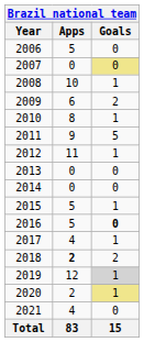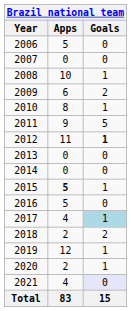 <table class="wikitable" style="text-align:center">
 <tr>
 <th colspan=3><a href='#'>Brazil national team</a></th>
 </tr>
 <tr>
 <th>Year</th>
 <th>Apps</th>
 <th>Goals</th>
 </tr>
 <tr>
 <td>2006</td>
 <td>5</td>
 <td>0</td>
 </tr>
 <tr>
 <td>2007</td>
 <td>0</td>
-<td style="background: khaki;">0</td>
+<td>0</td>
 </tr>
 <tr>
 <td>2008</td>
 <td>10</td>
 <td>1</td>
 </tr>
 <tr>
 <td>2009</td>
 <td>6</td>
 <td>2</td>
 </tr>
 <tr>
 <td>2010</td>
 <td>8</td>
 <td>1</td>
 </tr>
 <tr>
 <td>2011</td>
 <td>9</td>
 <td>5</td>
 </tr>
 <tr>
 <td>2012</td>
 <td>11</td>
-<td>1</td>
+<td><strong>1</strong></td>
 </tr>
 <tr>
 <td>2013</td>
 <td>0</td>
 <td>0</td>
 </tr>
 <tr>
 <td>2014</td>
 <td>0</td>
 <td>0</td>
 </tr>
 <tr>
 <td>2015</td>
-<td>5</td>
+<td><strong>5</strong></td>
 <td>1</td>
 </tr>
 <tr>
 <td>2016</td>
 <td>5</td>
-<td><strong>0</strong></td>
+<td>0</td>
 </tr>
 <tr>
 <td>2017</td>
 <td>4</td>
-<td>1</td>
+<td style="background: lightblue;">1</td>
 </tr>
 <tr>
 <td>2018</td>
-<td><strong>2</strong></td>
+<td>2</td>
 <td>2</td>
 </tr>
 <tr>
 <td>2019</td>
 <td>12</td>
-<td style="background: lightgrey;">1</td>
+<td>1</td>
 </tr>
 <tr>
 <td>2020</td>
 <td>2</td>
-<td style="background: khaki;">1</td>
+<td>1</td>
 </tr>
 <tr>
 <td>2021</td>
 <td>4</td>
-<td>0</td>
+<td style="background: lavender;">0</td>
 </tr>
 <tr>
 <th>Total</th>
 <th>83</th>
 <th>15</th>
 </tr>
 </table>
